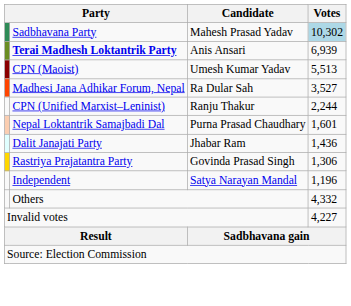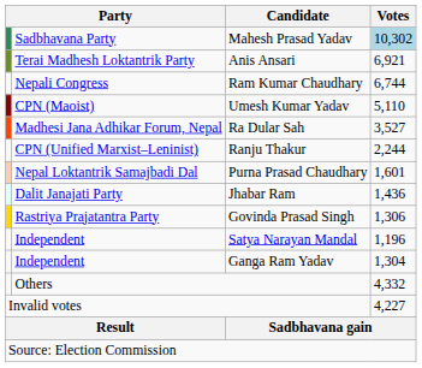 <table class="wikitable">
 <tr>
 <th colspan="2">Party</th>
 <th>Candidate</th>
 <th>Votes</th>
 </tr>
 <tr>
 <td style="background-color:seagreen"></td>
 <td><a href='#'>Sadbhavana Party</a></td>
 <td>Mahesh Prasad Yadav</td>
 <td style="background: lightblue;">10,302</td>
 </tr>
 <tr>
 <td style="background-color:olivedrab"></td>
-<td><strong><a href='#'>Terai Madhesh Loktantrik Party</a></strong></td>
+<td><a href='#'>Terai Madhesh Loktantrik Party</a></td>
 <td>Anis Ansari</td>
-<td>6,939</td>
+<td>6,921</td>
+</tr>
+<tr>
+<td style="background-color:"></td>
+<td><a href='#'>Nepali Congress</a></td>
+<td>Ram Kumar Chaudhary</td>
+<td>6,744</td>
 </tr>
 <tr>
 <td style="background-color:darkred"></td>
 <td><a href='#'>CPN (Maoist)</a></td>
 <td>Umesh Kumar Yadav</td>
-<td>5,513</td>
+<td>5,110</td>
 </tr>
 <tr>
 <td style="background-color:orangered"></td>
 <td><a href='#'>Madhesi Jana Adhikar Forum, Nepal</a></td>
 <td>Ra Dular Sah</td>
 <td>3,527</td>
 </tr>
 <tr>
 <td style="background-color:"></td>
 <td><a href='#'>CPN (Unified Marxist–Leninist)</a></td>
 <td>Ranju Thakur</td>
 <td>2,244</td>
 </tr>
 <tr>
 <td style="background-color:#fbceb1"></td>
 <td><a href='#'>Nepal Loktantrik Samajbadi Dal</a></td>
 <td>Purna Prasad Chaudhary</td>
 <td>1,601</td>
 </tr>
 <tr>
 <td style="background-color:#e0ffff"></td>
 <td><a href='#'>Dalit Janajati Party</a></td>
 <td>Jhabar Ram</td>
 <td>1,436</td>
 </tr>
 <tr>
 <td style="background-color:gold"></td>
 <td><a href='#'>Rastriya Prajatantra Party</a></td>
 <td>Govinda Prasad Singh</td>
 <td>1,306</td>
 </tr>
 <tr>
 <td style="background-color:"></td>
 <td><a href='#'>Independent</a></td>
 <td><a href='#'>Satya Narayan Mandal</a></td>
 <td>1,196</td>
 </tr>
 <tr>
+<td style="background-color:"></td>
+<td><a href='#'>Independent</a></td>
+<td>Ganga Ram Yadav</td>
+<td>1,304</td>
+</tr>
+<tr>
 <td></td>
 <td colspan="2">Others</td>
 <td>4,332</td>
 </tr>
 <tr>
 <td colspan="3">Invalid votes</td>
 <td>4,227</td>
 </tr>
 <tr>
 <th colspan="2">Result</th>
 <th colspan="2">Sadbhavana gain</th>
 </tr>
 <tr>
 <td colspan="4">Source: Election Commission</td>
 </tr>
 </table>
